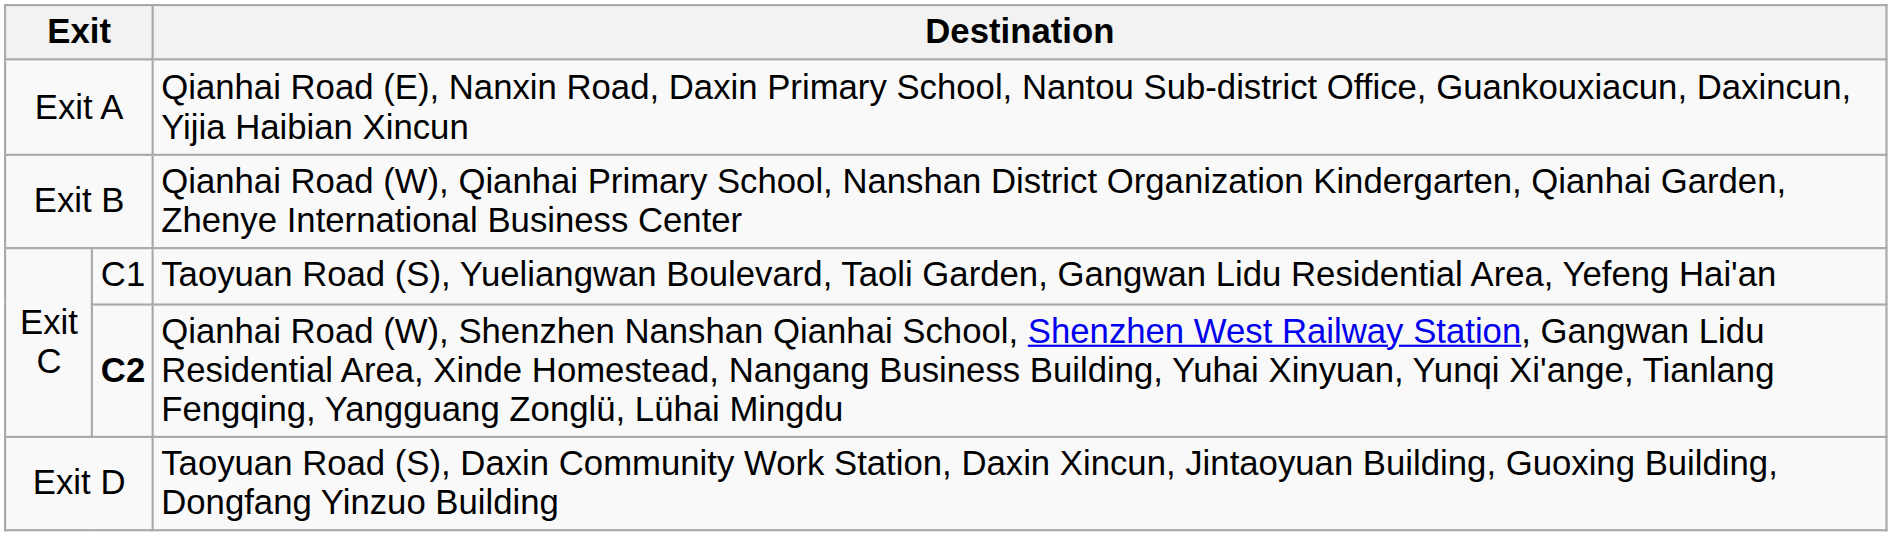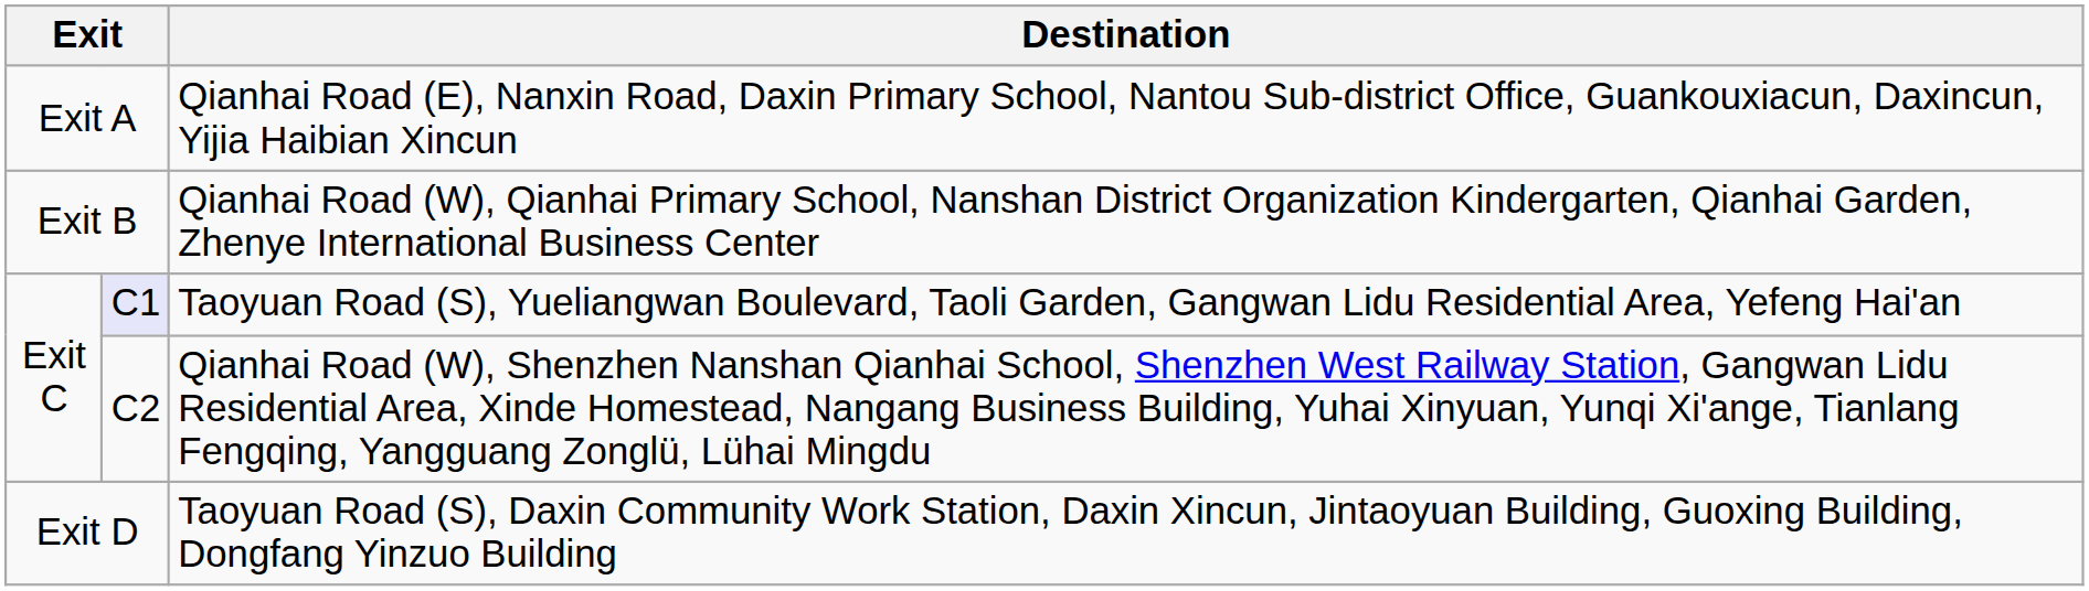 <table class="wikitable">
 <tr>
 <th style="width:70px" colspan="2">Exit</th>
 <th>Destination</th>
 </tr>
 <tr>
 <td align="center" colspan="2">Exit A</td>
 <td>Qianhai Road (E), Nanxin Road, Daxin Primary School, Nantou Sub-district Office, Guankouxiacun, Daxincun, Yijia Haibian Xincun</td>
 </tr>
 <tr>
 <td align="center" colspan="2">Exit B</td>
 <td>Qianhai Road (W), Qianhai Primary School, Nanshan District Organization Kindergarten, Qianhai Garden, Zhenye International Business Center</td>
 </tr>
 <tr>
 <td align="center" rowspan="2">Exit C</td>
-<td>C1</td>
+<td style="background: lavender;">C1</td>
 <td>Taoyuan Road (S), Yueliangwan Boulevard, Taoli Garden, Gangwan Lidu Residential Area, Yefeng Hai'an</td>
 </tr>
 <tr>
-<td><strong>C2</strong></td>
+<td>C2</td>
 <td>Qianhai Road (W), Shenzhen Nanshan Qianhai School, <a href='#'>Shenzhen West Railway Station</a>, Gangwan Lidu Residential Area, Xinde Homestead, Nangang Business Building, Yuhai Xinyuan, Yunqi Xi'ange, Tianlang Fengqing, Yangguang Zonglü, Lühai Mingdu</td>
 </tr>
 <tr>
 <td align="center" colspan="2">Exit D</td>
 <td>Taoyuan Road (S), Daxin Community Work Station, Daxin Xincun, Jintaoyuan Building, Guoxing Building, Dongfang Yinzuo Building</td>
 </tr>
 </table>
